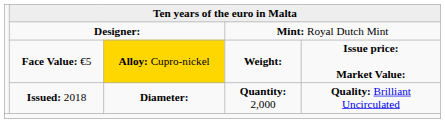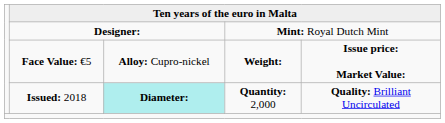 <table class="wikitable" width=100%>
 <tr>
 <td rowspan=4 width="330px" nowrap align=center></td>
 <th colspan="4" align=center style="background:#eeeeee;">Ten years of the euro in Malta</th>
 </tr>
 <tr>
 <td colspan="2" width="50%" align=center><strong>Designer:</strong></td>
 <td colspan="2" width="50%" align=center><strong>Mint:</strong> Royal Dutch Mint</td>
 </tr>
 <tr>
 <td align=center><strong>Face Value:</strong> €5</td>
-<td align=center style="background: gold;"><strong>Alloy:</strong> Cupro-nickel</td>
+<td align=center><strong>Alloy:</strong> Cupro-nickel</td>
 <td align=center><strong>Weight:</strong> </td>
 <td align=center><strong>Issue price:</strong><br><br> <strong>Market Value:</strong></td>
 </tr>
 <tr>
 <td align=center><strong>Issued:</strong> 2018</td>
-<td align=center><strong>Diameter:</strong> </td>
+<td align=center style="background: paleturquoise;"><strong>Diameter:</strong> </td>
 <td align=center><strong>Quantity:</strong> 2,000</td>
 <td align=center><strong>Quality:</strong> <a href='#'>Brilliant Uncirculated</a></td>
 </tr>
 <tr>
 <td colspan="5" align=left></td>
 </tr>
 </table>
